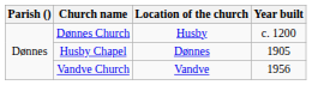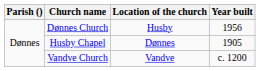 <table class="wikitable" style="text-align:center">
 <tr>
 <th>Parish ()</th>
 <th>Church name</th>
 <th>Location of the church</th>
 <th>Year built</th>
 </tr>
 <tr>
 <td rowspan="3">Dønnes</td>
 <td><a href='#'>Dønnes Church</a></td>
 <td><a href='#'>Husby</a></td>
-<td>c. 1200</td>
+<td>1956</td>
 </tr>
 <tr>
 <td><a href='#'>Husby Chapel</a></td>
 <td><a href='#'>Dønnes</a></td>
 <td>1905</td>
 </tr>
 <tr>
 <td><a href='#'>Vandve Church</a></td>
 <td><a href='#'>Vandve</a></td>
-<td>1956</td>
+<td>c. 1200</td>
 </tr>
 </table>
